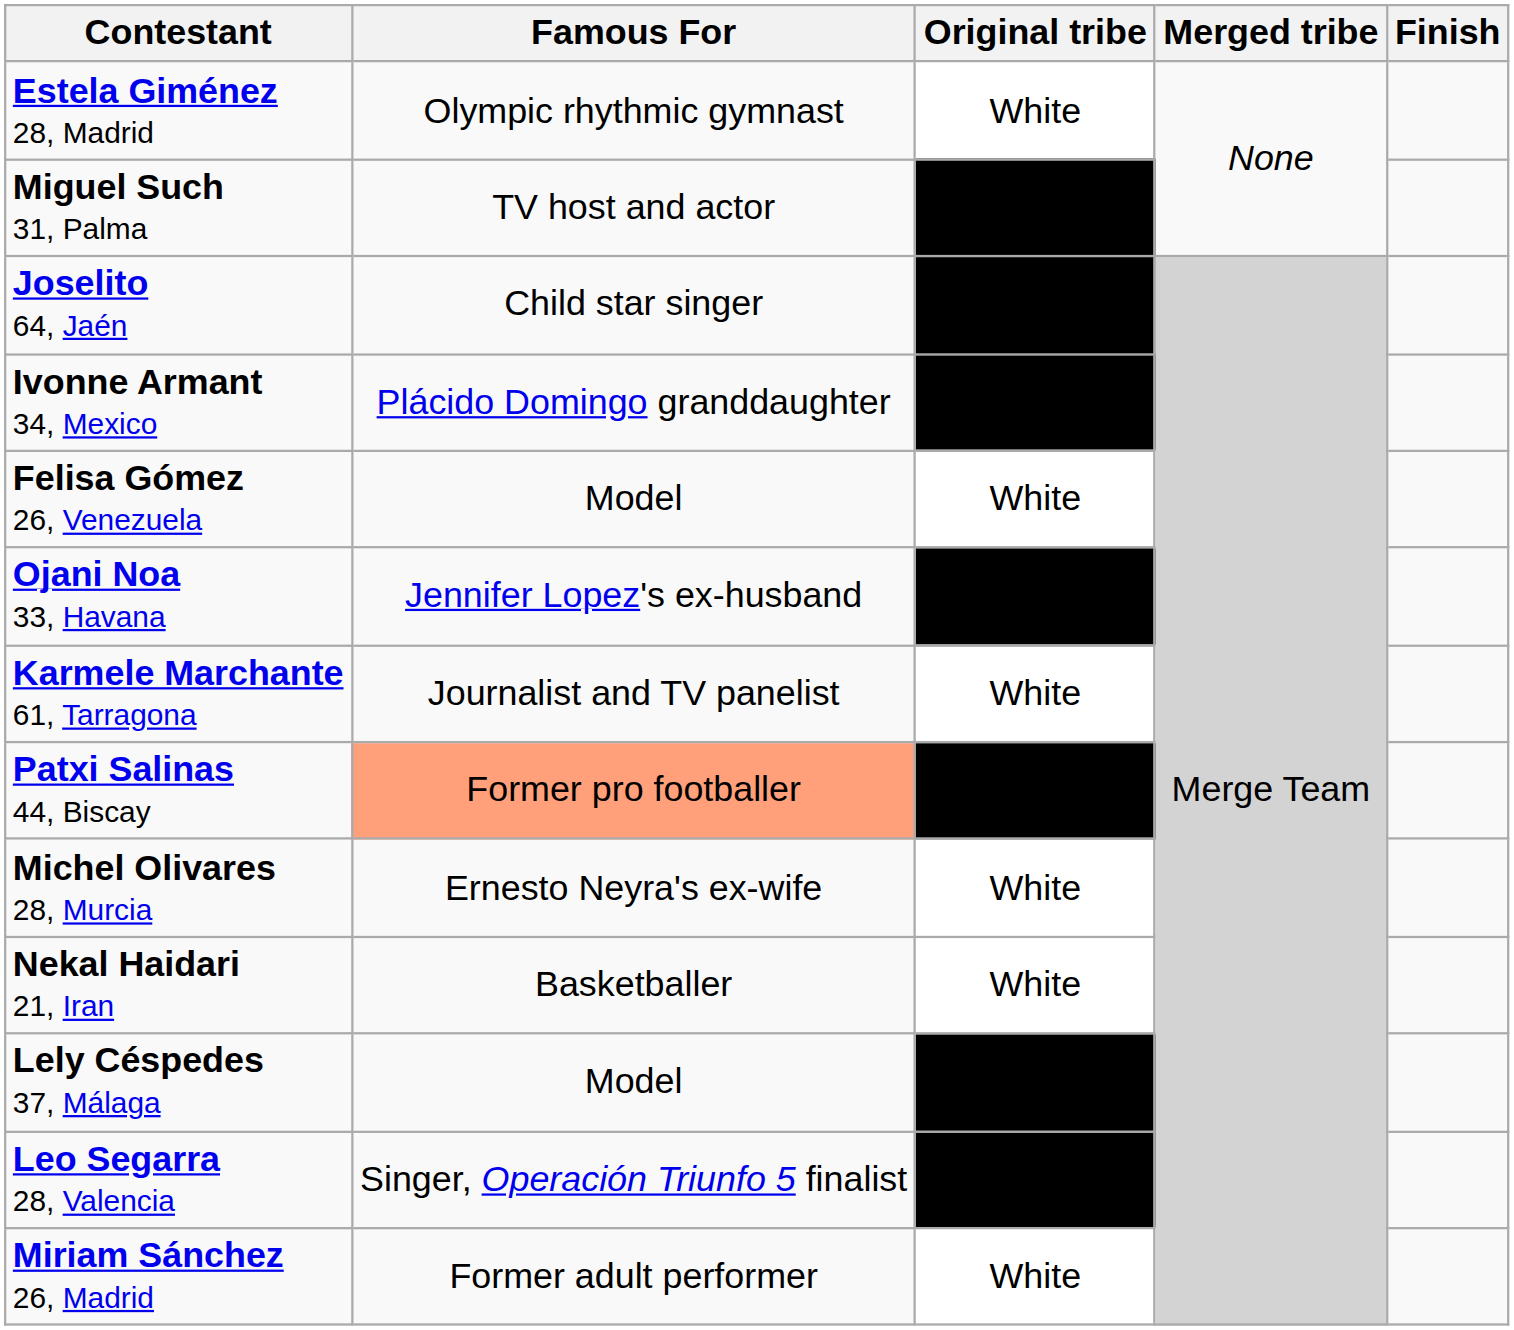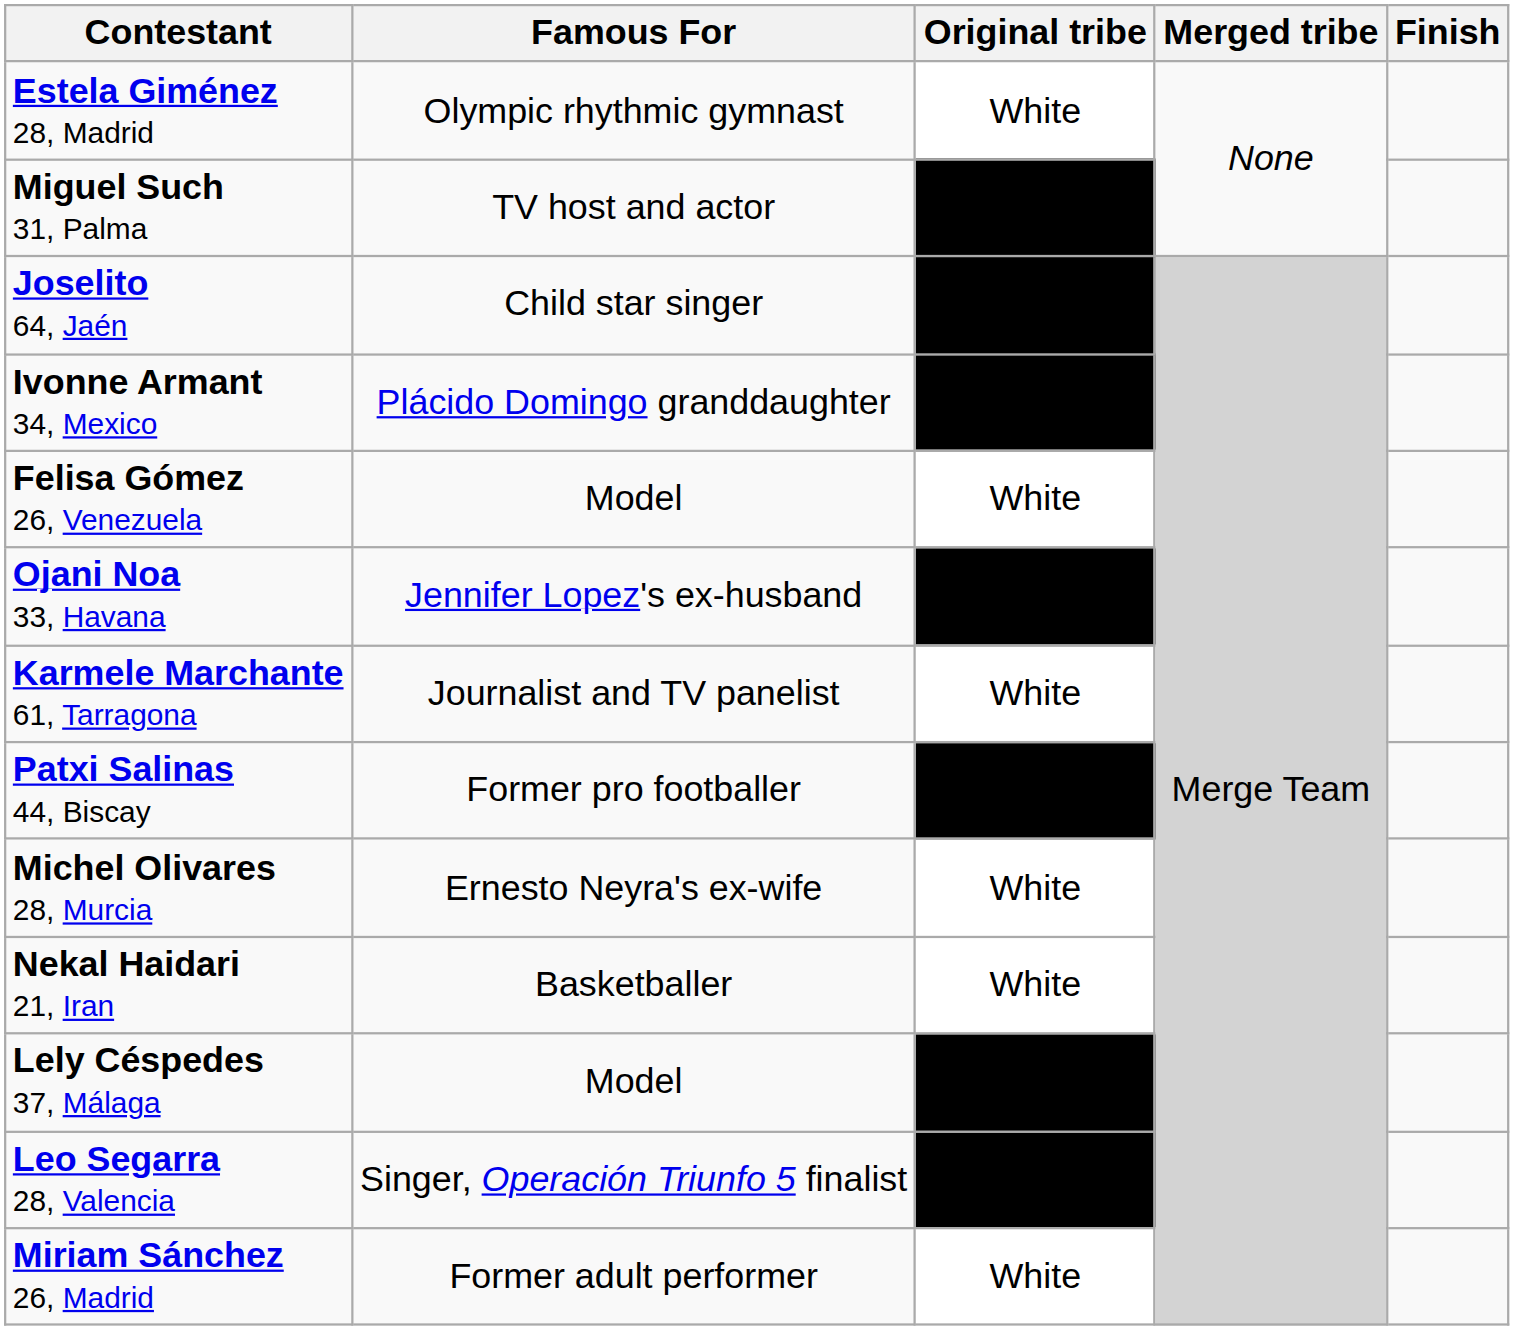 <table class="wikitable" style="margin:auto; text-align:center">
 <tr>
 <th>Contestant</th>
 <th>Famous For</th>
 <th>Original tribe</th>
 <th>Merged tribe</th>
 <th>Finish</th>
 </tr>
 <tr>
 <td align="left"><strong><a href='#'>Estela Giménez</a></strong><br><small>28, Madrid</small></td>
 <td>Olympic rhythmic gymnast</td>
 <td bgcolor="#FFFFFF">White</td>
 <td rowspan="2"><em>None</em></td>
 <td></td>
 </tr>
 <tr>
 <td align="left"><strong>Miguel Such</strong><br><small>31, Palma</small></td>
 <td>TV host and actor</td>
 <td bgcolor="#000000"><span>Black</span></td>
 <td></td>
 </tr>
 <tr>
 <td align="left"><strong><a href='#'>Joselito</a></strong><br><small>64, <a href='#'>Jaén</a></small></td>
 <td>Child star singer</td>
 <td bgcolor="#000000"><span>Black</span></td>
 <td rowspan=11 bgcolor="lightgray">Merge Team</td>
 <td></td>
 </tr>
 <tr>
 <td align="left"><strong>Ivonne Armant</strong><br><small>34, <a href='#'>Mexico</a></small></td>
 <td><a href='#'>Plácido Domingo</a> granddaughter</td>
 <td bgcolor="#000000"><span>Black</span></td>
 <td></td>
 </tr>
 <tr>
 <td align="left"><strong>Felisa Gómez</strong><br><small>26, <a href='#'>Venezuela</a></small></td>
 <td>Model</td>
 <td bgcolor="#FFFFFF">White</td>
 <td></td>
 </tr>
 <tr>
 <td align="left"><strong><a href='#'>Ojani Noa</a></strong><br><small>33, <a href='#'>Havana</a></small></td>
 <td><a href='#'>Jennifer Lopez</a>'s ex-husband</td>
 <td bgcolor="#000000"><span>Black</span></td>
 <td></td>
 </tr>
 <tr>
 <td align="left"><strong><a href='#'>Karmele Marchante</a></strong><br><small>61, <a href='#'>Tarragona</a></small></td>
 <td>Journalist and TV panelist</td>
 <td bgcolor="#FFFFFF">White</td>
 <td></td>
 </tr>
 <tr>
 <td align="left"><strong><a href='#'>Patxi Salinas</a></strong><br><small>44, Biscay</small></td>
-<td style="background: lightsalmon;">Former pro footballer</td>
+<td>Former pro footballer</td>
 <td bgcolor="#000000"><span>Black</span></td>
 <td></td>
 </tr>
 <tr>
 <td align="left"><strong>Michel Olivares</strong><br><small>28, <a href='#'>Murcia</a></small></td>
 <td>Ernesto Neyra's ex-wife</td>
 <td bgcolor="#FFFFFF">White</td>
 <td></td>
 </tr>
 <tr>
 <td align="left"><strong>Nekal Haidari</strong><br><small>21, <a href='#'>Iran</a></small></td>
 <td>Basketballer</td>
 <td bgcolor="#FFFFFF">White</td>
 <td></td>
 </tr>
 <tr>
 <td align="left"><strong>Lely Céspedes</strong><br><small>37, <a href='#'>Málaga</a></small></td>
 <td>Model</td>
 <td bgcolor="#000000"><span>Black</span></td>
 <td></td>
 </tr>
 <tr>
 <td align="left"><strong><a href='#'>Leo Segarra</a></strong><br><small>28, <a href='#'>Valencia</a></small></td>
 <td>Singer, <em><a href='#'>Operación Triunfo 5</a></em> finalist</td>
 <td bgcolor="#000000"><span>Black</span></td>
 <td></td>
 </tr>
 <tr>
 <td align="left"><strong><a href='#'>Miriam Sánchez</a></strong><br><small>26, <a href='#'>Madrid</a></small></td>
 <td>Former adult performer</td>
 <td bgcolor="#FFFFFF">White</td>
 <td></td>
 </tr>
 </table>
